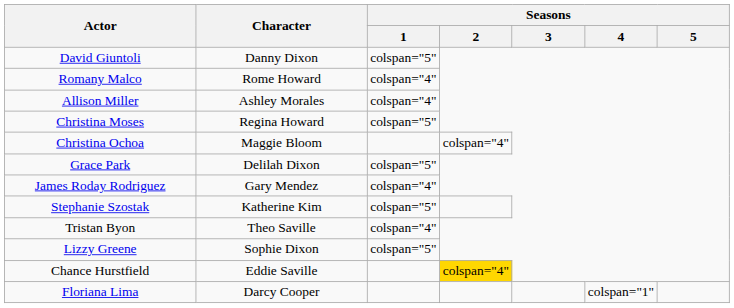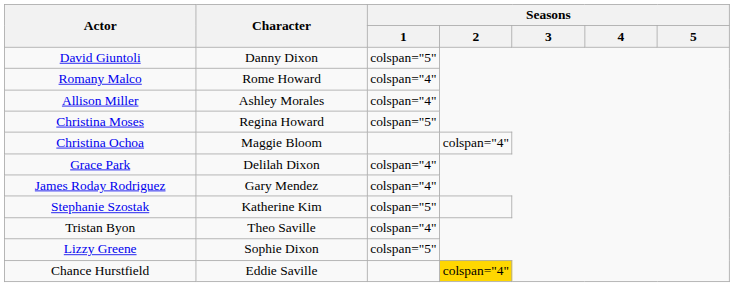 <table class="wikitable plainrowheaders" style="text-align:center;">
 <tr>
 <th rowspan="2" style="width: 180px;">Actor</th>
 <th rowspan="2" style="width: 160px;">Character</th>
 <th colspan="5" scope="col">Seasons</th>
 </tr>
 <tr>
 <th scope="col" style="width:10%;">1</th>
 <th scope="col" style="width:10%;">2</th>
 <th scope="col" style="width:10%;">3</th>
 <th scope="col" style="width:10%;">4</th>
 <th scope="col" style="width:10%;">5</th>
 </tr>
 <tr>
 <td><a href='#'>David Giuntoli</a></td>
 <td>Danny Dixon</td>
 <td>colspan="5" </td>
 </tr>
 <tr>
 <td><a href='#'>Romany Malco</a></td>
 <td>Rome Howard</td>
 <td>colspan="4" </td>
 </tr>
 <tr>
 <td><a href='#'>Allison Miller</a></td>
 <td>Ashley Morales</td>
 <td>colspan="4" </td>
 </tr>
 <tr>
 <td><a href='#'>Christina Moses</a></td>
 <td>Regina Howard</td>
 <td>colspan="5" </td>
 </tr>
 <tr>
 <td><a href='#'>Christina Ochoa</a></td>
 <td>Maggie Bloom</td>
 <td></td>
 <td>colspan="4" </td>
 </tr>
 <tr>
 <td><a href='#'>Grace Park</a></td>
 <td>Delilah Dixon</td>
-<td>colspan="5" </td>
+<td>colspan="4" </td>
 </tr>
 <tr>
 <td><a href='#'>James Roday Rodriguez</a></td>
 <td>Gary Mendez</td>
 <td>colspan="4" </td>
 </tr>
 <tr>
 <td><a href='#'>Stephanie Szostak</a></td>
 <td>Katherine Kim</td>
 <td>colspan="5" </td>
 <td></td>
 </tr>
 <tr>
 <td>Tristan Byon</td>
 <td>Theo Saville</td>
 <td>colspan="4" </td>
 </tr>
 <tr>
 <td><a href='#'>Lizzy Greene</a></td>
 <td>Sophie Dixon</td>
 <td>colspan="5" </td>
 </tr>
 <tr>
 <td>Chance Hurstfield</td>
 <td>Eddie Saville</td>
 <td></td>
 <td style="background: gold;">colspan="4" </td>
 </tr>
-<tr>
-<td><a href='#'>Floriana Lima</a></td>
-<td>Darcy Cooper</td>
-<td></td>
-<td></td>
-<td></td>
-<td>colspan="1" </td>
-<td></td>
-</tr>
 </table>
